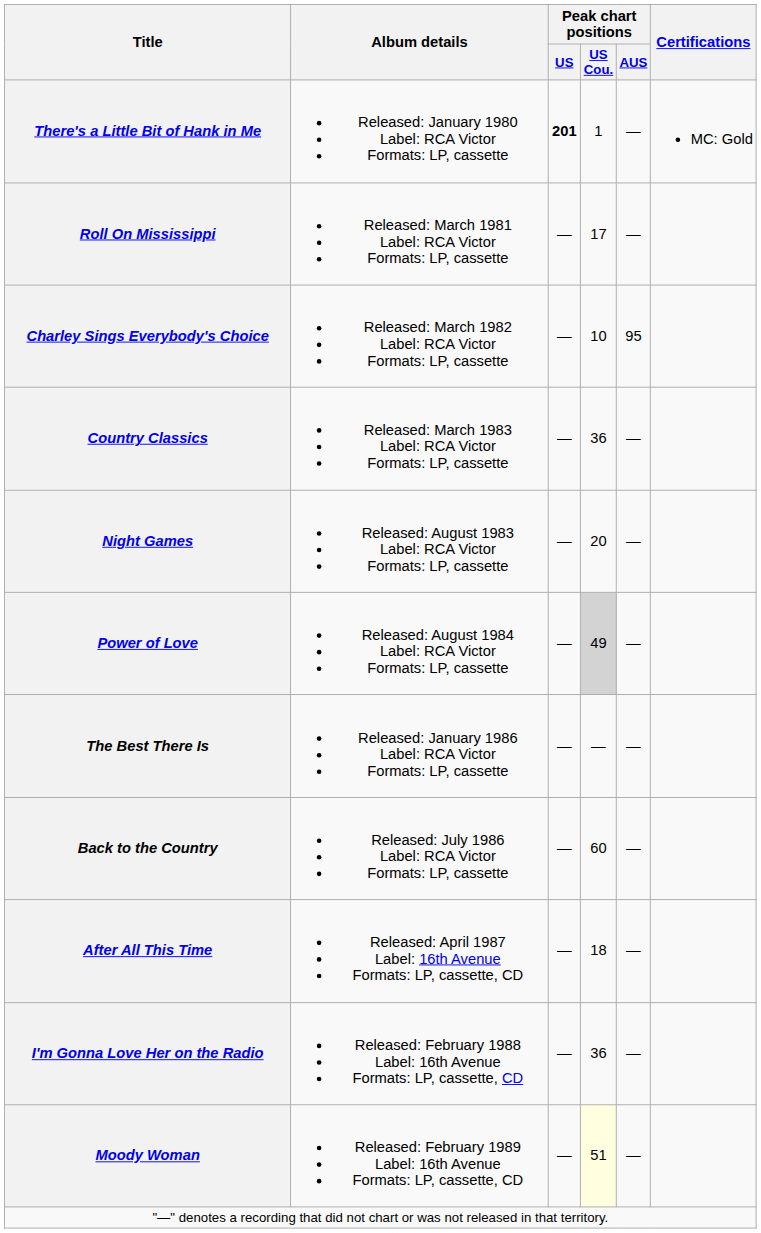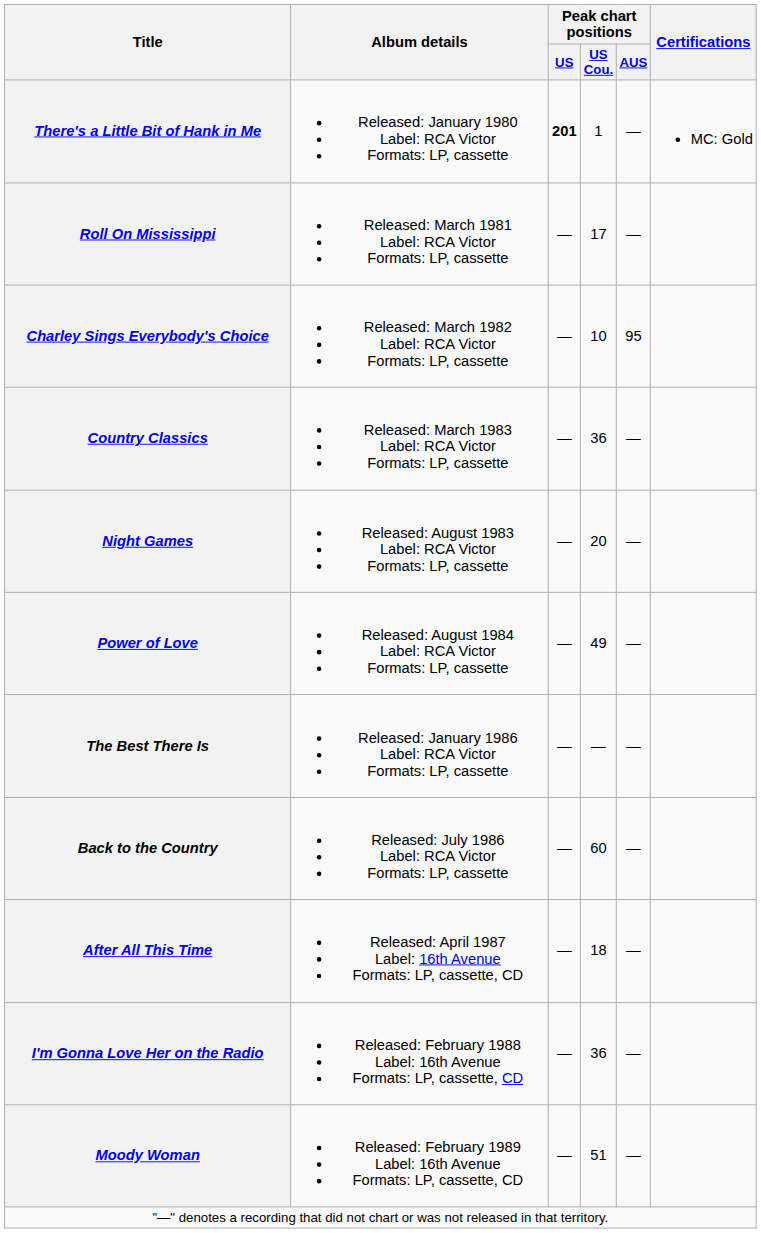 <table class="wikitable plainrowheaders" style="text-align:center;" border="1">
 <tr>
 <th scope="col" rowspan="2" style="width:19em;">Title</th>
 <th scope="col" rowspan="2" style="width:17em;">Album details</th>
 <th scope="col" colspan="3">Peak chart<br>positions</th>
 <th scope="col" rowspan="2"><a href='#'>Certifications</a></th>
 </tr>
 <tr>
 <th scope="col" style="width:2em;font-size:90%;"><a href='#'>US</a><br></th>
 <th scope="col" style="width:2em;font-size:90%;"><a href='#'>US<br>Cou.</a><br></th>
 <th scope="col" style="width:2em;font-size:90%;"><a href='#'>AUS</a><br></th>
 </tr>
 <tr>
 <th scope="row"><em><a href='#'>There's a Little Bit of Hank in Me</a></em></th>
 <td><br><ul><li>Released: January 1980</li><li>Label: RCA Victor</li><li>Formats: LP, cassette</li></ul></td>
 <td><strong>201</strong></td>
 <td>1</td>
 <td>—</td>
 <td><br><ul><li>MC: Gold</li></ul></td>
 </tr>
 <tr>
 <th scope="row"><em><a href='#'>Roll On Mississippi</a></em></th>
 <td><br><ul><li>Released: March 1981</li><li>Label: RCA Victor</li><li>Formats: LP, cassette</li></ul></td>
 <td>—</td>
 <td>17</td>
 <td>—</td>
 <td></td>
 </tr>
 <tr>
 <th scope="row"><em><a href='#'>Charley Sings Everybody's Choice</a></em></th>
 <td><br><ul><li>Released: March 1982</li><li>Label: RCA Victor</li><li>Formats: LP, cassette</li></ul></td>
 <td>—</td>
 <td>10</td>
 <td>95</td>
 <td></td>
 </tr>
 <tr>
 <th scope="row"><em><a href='#'>Country Classics</a></em></th>
 <td><br><ul><li>Released: March 1983</li><li>Label: RCA Victor</li><li>Formats: LP, cassette</li></ul></td>
 <td>—</td>
 <td>36</td>
 <td>—</td>
 <td></td>
 </tr>
 <tr>
 <th scope="row"><em><a href='#'>Night Games</a></em></th>
 <td><br><ul><li>Released: August 1983</li><li>Label: RCA Victor</li><li>Formats: LP, cassette</li></ul></td>
 <td>—</td>
 <td>20</td>
 <td>—</td>
 <td></td>
 </tr>
 <tr>
 <th scope="row"><em><a href='#'>Power of Love</a></em></th>
 <td><br><ul><li>Released: August 1984</li><li>Label: RCA Victor</li><li>Formats: LP, cassette</li></ul></td>
 <td>—</td>
-<td style="background: lightgrey;">49</td>
+<td>49</td>
 <td>—</td>
 <td></td>
 </tr>
 <tr>
 <th scope="row"><em>The Best There Is</em></th>
 <td><br><ul><li>Released: January 1986</li><li>Label: RCA Victor</li><li>Formats: LP, cassette</li></ul></td>
 <td>—</td>
 <td>—</td>
 <td>—</td>
 <td></td>
 </tr>
 <tr>
 <th scope="row"><em>Back to the Country</em></th>
 <td><br><ul><li>Released: July 1986</li><li>Label: RCA Victor</li><li>Formats: LP, cassette</li></ul></td>
 <td>—</td>
 <td>60</td>
 <td>—</td>
 <td></td>
 </tr>
 <tr>
 <th scope="row"><em><a href='#'>After All This Time</a></em></th>
 <td><br><ul><li>Released: April 1987</li><li>Label: <a href='#'>16th Avenue</a></li><li>Formats: LP, cassette, CD</li></ul></td>
 <td>—</td>
 <td>18</td>
 <td>—</td>
 <td></td>
 </tr>
 <tr>
 <th scope="row"><em><a href='#'>I'm Gonna Love Her on the Radio</a></em></th>
 <td><br><ul><li>Released: February 1988</li><li>Label: 16th Avenue</li><li>Formats: LP, cassette, <a href='#'>CD</a></li></ul></td>
 <td>—</td>
 <td>36</td>
 <td>—</td>
 <td></td>
 </tr>
 <tr>
 <th scope="row"><em><a href='#'>Moody Woman</a></em></th>
 <td><br><ul><li>Released: February 1989</li><li>Label: 16th Avenue</li><li>Formats: LP, cassette, CD</li></ul></td>
 <td>—</td>
-<td style="background: lightyellow;">51</td>
+<td>51</td>
 <td>—</td>
 <td></td>
 </tr>
 <tr>
 <td colspan="6" style="font-size:90%">"—" denotes a recording that did not chart or was not released in that territory.</td>
 </tr>
 </table>
